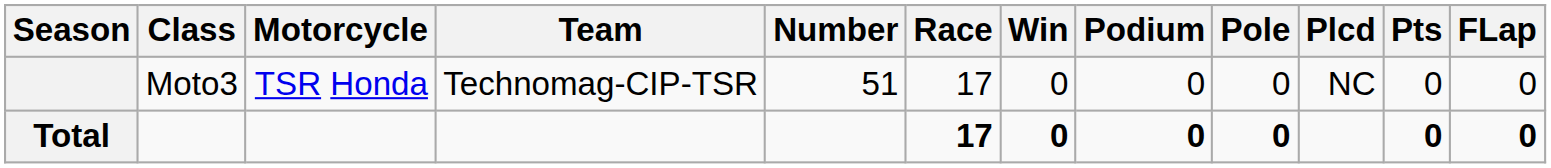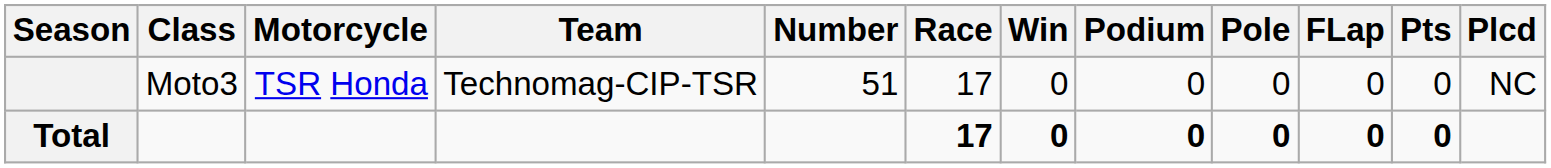 <table class="wikitable">
 <tr>
 <th>Season</th>
 <th>Class</th>
 <th>Motorcycle</th>
 <th>Team</th>
 <th>Number</th>
 <th>Race</th>
 <th>Win</th>
 <th>Podium</th>
 <th>Pole</th>
+<th>FLap</th>
+<th>Pts</th>
 <th>Plcd</th>
-<th>Pts</th>
-<th>FLap</th>
 </tr>
 <tr align="right">
 <th></th>
 <td>Moto3</td>
 <td><a href='#'>TSR</a> <a href='#'>Honda</a></td>
 <td>Technomag-CIP-TSR</td>
 <td>51</td>
 <td>17</td>
 <td>0</td>
 <td>0</td>
 <td>0</td>
-<td>NC</td>
 <td>0</td>
 <td>0</td>
+<td>NC</td>
 </tr>
 <tr align="right">
 <th>Total</th>
 <td></td>
 <td></td>
 <td></td>
 <td></td>
 <td><strong>17</strong></td>
 <td><strong>0</strong></td>
 <td><strong>0</strong></td>
 <td><strong>0</strong></td>
-<td></td>
 <td><strong>0</strong></td>
 <td><strong>0</strong></td>
+<td></td>
 </tr>
 </table>
